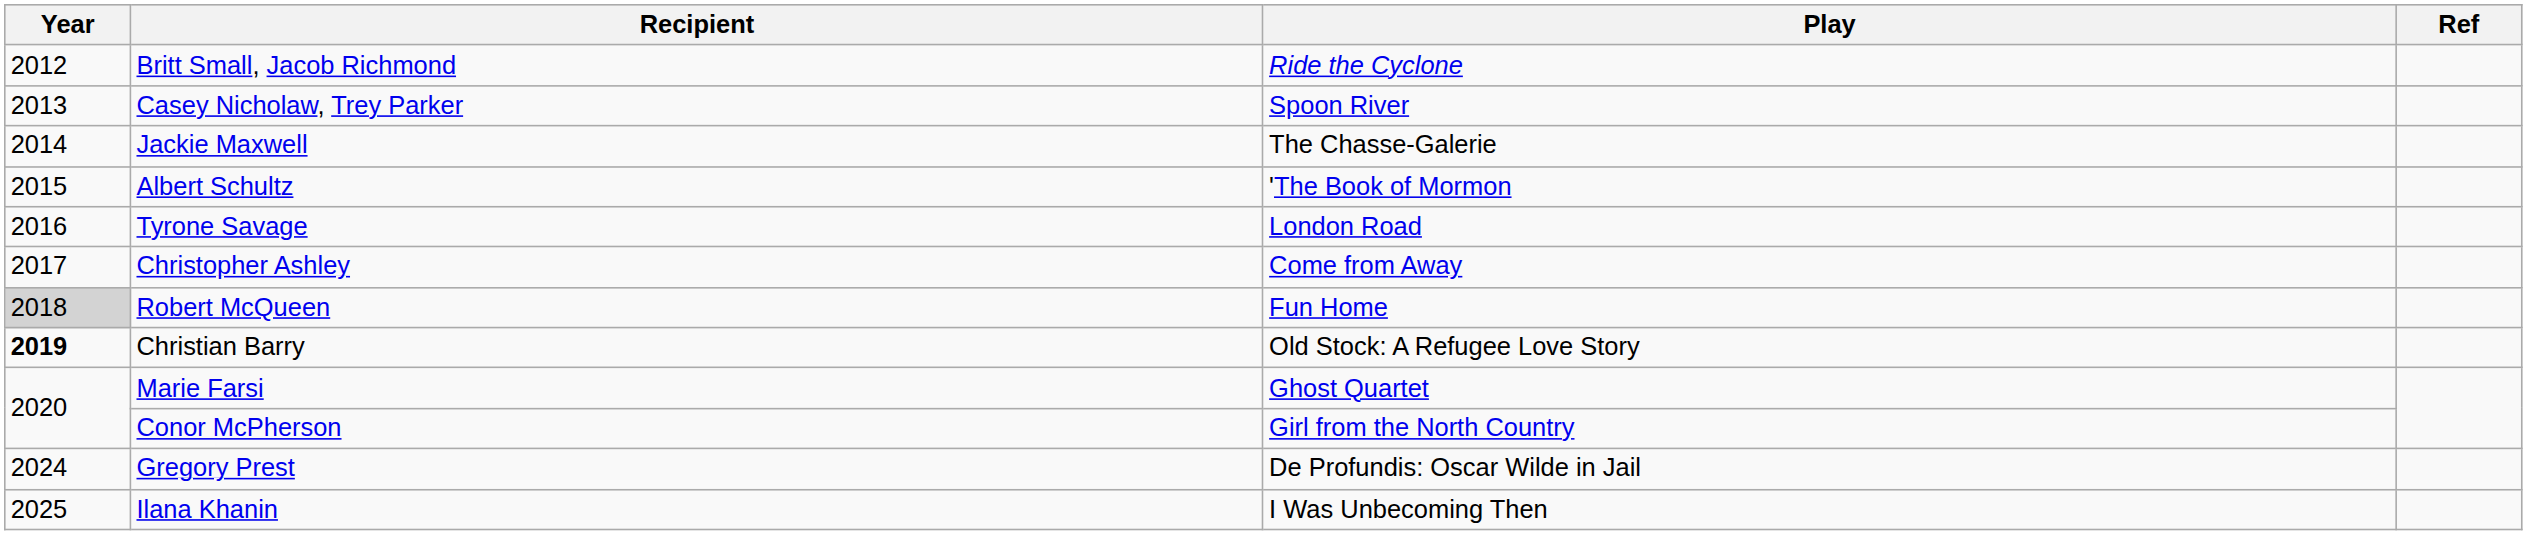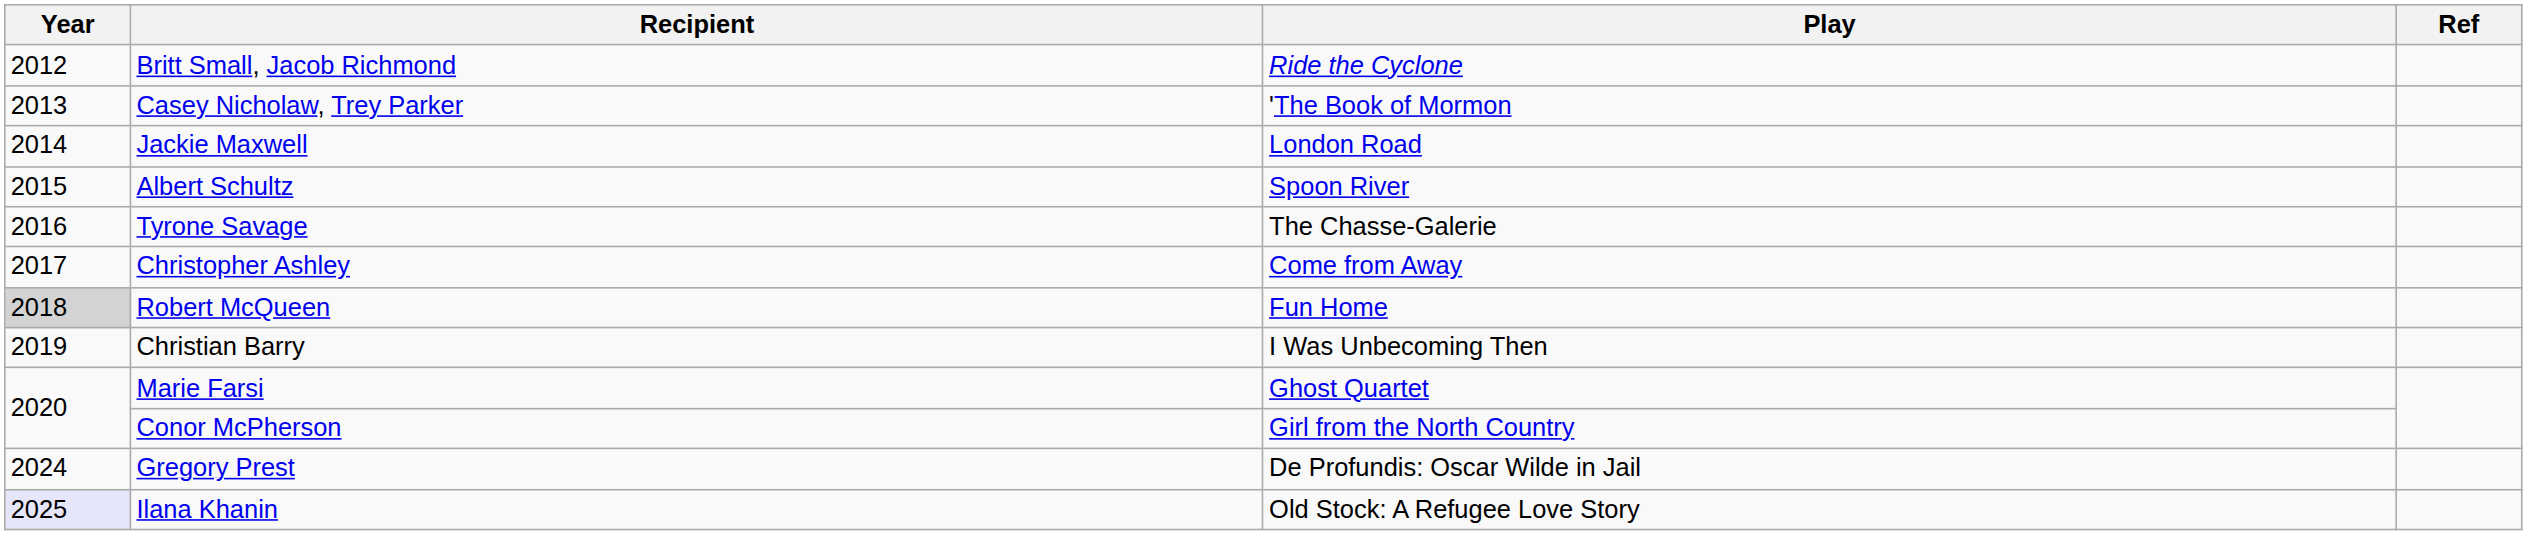 <table class = "wikitable sortable" width=100%>
 <tr>
 <th width=5%>Year</th>
 <th width=45%>Recipient</th>
 <th width=45%>Play</th>
 <th width=5%>Ref</th>
 </tr>
 <tr>
 <td>2012</td>
 <td><a href='#'>Britt Small</a>, <a href='#'>Jacob Richmond</a></td>
 <td><em><a href='#'>Ride the Cyclone</a></em></td>
 <td></td>
 </tr>
 <tr>
 <td>2013</td>
 <td><a href='#'>Casey Nicholaw</a>, <a href='#'>Trey Parker</a></td>
-<td></em><a href='#'>Spoon River</a><em></td>
+<td>'<a href='#'>The Book of Mormon</a><em></td>
 <td></td>
 </tr>
 <tr>
 <td>2014</td>
 <td><a href='#'>Jackie Maxwell</a></td>
-<td></em>The Chasse-Galerie<em></td>
+<td></em><a href='#'>London Road</a><em></td>
 <td></td>
 </tr>
 <tr>
 <td>2015</td>
 <td><a href='#'>Albert Schultz</a></td>
-<td>'<a href='#'>The Book of Mormon</a><em></td>
+<td></em><a href='#'>Spoon River</a><em></td>
 <td></td>
 </tr>
 <tr>
 <td>2016</td>
 <td><a href='#'>Tyrone Savage</a></td>
-<td></em><a href='#'>London Road</a><em></td>
+<td></em>The Chasse-Galerie<em></td>
 <td></td>
 </tr>
 <tr>
 <td>2017</td>
 <td><a href='#'>Christopher Ashley</a></td>
 <td></em><a href='#'>Come from Away</a><em></td>
 <td></td>
 </tr>
 <tr>
 <td style="background: lightgrey;">2018</td>
 <td><a href='#'>Robert McQueen</a></td>
 <td></em><a href='#'>Fun Home</a><em></td>
 <td></td>
 </tr>
 <tr>
-<td><strong>2019</strong></td>
+<td>2019</td>
 <td>Christian Barry</td>
-<td></em>Old Stock: A Refugee Love Story<em></td>
+<td></em>I Was Unbecoming Then<em></td>
 <td></td>
 </tr>
 <tr>
 <td rowspan=2>2020</td>
 <td><a href='#'>Marie Farsi</a></td>
 <td></em><a href='#'>Ghost Quartet</a><em></td>
 <td rowspan=2></td>
 </tr>
 <tr>
 <td><a href='#'>Conor McPherson</a></td>
 <td></em><a href='#'>Girl from the North Country</a><em></td>
 </tr>
 <tr>
 <td>2024</td>
 <td><a href='#'>Gregory Prest</a></td>
 <td></em>De Profundis: Oscar Wilde in Jail<em></td>
 <td></td>
 </tr>
 <tr>
-<td>2025</td>
+<td style="background: lavender;">2025</td>
 <td><a href='#'>Ilana Khanin</a></td>
-<td></em>I Was Unbecoming Then<em></td>
+<td></em>Old Stock: A Refugee Love Story<em></td>
 <td></td>
 </tr>
 </table>
